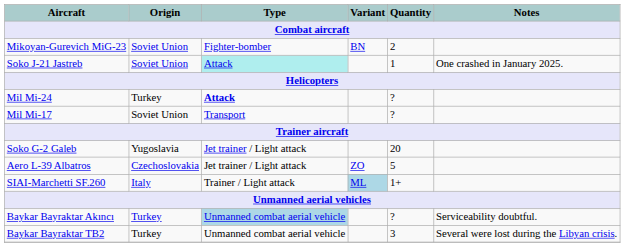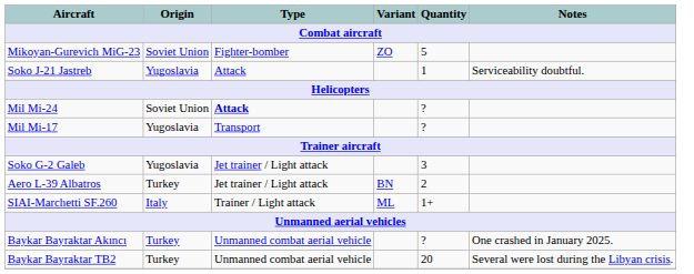 <table class="wikitable">
 <tr>
 <th style="text-align:center; background:#acc;">Aircraft</th>
 <th style="text-align: center; background:#acc;">Origin</th>
 <th style="text-align:l center; background:#acc;">Type</th>
 <th style="text-align:left; background:#acc;">Variant</th>
 <th style="text-align:center; background:#acc;">Quantity</th>
 <th style="text-align: center; background:#acc;">Notes</th>
 </tr>
 <tr>
 <th style="align: center; background: lavender;" colspan="7"><a href='#'>Combat aircraft</a></th>
 </tr>
 <tr>
 <td><a href='#'>Mikoyan-Gurevich MiG-23</a></td>
 <td><a href='#'>Soviet Union</a></td>
 <td><a href='#'>Fighter-bomber</a></td>
-<td><a href='#'>BN</a></td>
-<td>2</td>
+<td><a href='#'>ZO</a></td>
+<td>5</td>
 <td></td>
 </tr>
 <tr>
 <td><a href='#'>Soko J-21 Jastreb</a></td>
-<td><a href='#'>Soviet Union</a></td>
-<td style="background: paleturquoise;"><a href='#'>Attack</a></td>
+<td><a href='#'>Yugoslavia</a></td>
+<td><a href='#'>Attack</a></td>
 <td></td>
 <td>1</td>
-<td>One crashed in January 2025.</td>
+<td>Serviceability doubtful.</td>
 </tr>
 <tr>
 <th style="align: center; background: lavender;" colspan="7"><a href='#'>Helicopters</a></th>
 </tr>
 <tr>
 <td><a href='#'>Mil Mi-24</a></td>
-<td>Turkey</td>
+<td>Soviet Union</td>
 <td><strong><a href='#'>Attack</a></strong></td>
 <td></td>
 <td>?</td>
 <td></td>
 </tr>
 <tr>
 <td><a href='#'>Mil Mi-17</a></td>
-<td>Soviet Union</td>
+<td>Yugoslavia</td>
 <td><a href='#'>Transport</a></td>
 <td></td>
 <td>?</td>
 <td></td>
 </tr>
 <tr>
 <th style="align: center; background: lavender;" colspan="7"><a href='#'>Trainer aircraft</a></th>
 </tr>
 <tr>
 <td><a href='#'>Soko G-2 Galeb</a></td>
 <td>Yugoslavia</td>
 <td><a href='#'>Jet trainer</a> / Light attack</td>
 <td></td>
-<td>20</td>
+<td>3</td>
 <td></td>
 </tr>
 <tr>
 <td><a href='#'>Aero L-39 Albatros</a></td>
-<td><a href='#'>Czechoslovakia</a></td>
+<td>Turkey</td>
 <td>Jet trainer / Light attack</td>
-<td><a href='#'>ZO</a></td>
-<td>5</td>
+<td><a href='#'>BN</a></td>
+<td>2</td>
 <td></td>
 </tr>
 <tr>
 <td><a href='#'>SIAI-Marchetti SF.260</a></td>
 <td><a href='#'>Italy</a></td>
 <td>Trainer / Light attack</td>
-<td style="background: lightblue;"><a href='#'>ML</a></td>
+<td><a href='#'>ML</a></td>
 <td>1+</td>
 <td></td>
 </tr>
 <tr>
 <th style="align: center; background: lavender;" colspan="7"><a href='#'>Unmanned aerial vehicles</a></th>
 </tr>
 <tr>
 <td><a href='#'>Baykar Bayraktar Akıncı</a></td>
 <td><a href='#'>Turkey</a></td>
-<td style="background: lightblue;"><a href='#'>Unmanned combat aerial vehicle</a></td>
+<td><a href='#'>Unmanned combat aerial vehicle</a></td>
 <td></td>
 <td>?</td>
-<td>Serviceability doubtful.</td>
+<td>One crashed in January 2025.</td>
 </tr>
 <tr>
 <td><a href='#'>Baykar Bayraktar TB2</a></td>
 <td>Turkey</td>
 <td>Unmanned combat aerial vehicle</td>
 <td></td>
-<td>3</td>
+<td>20</td>
 <td>Several were lost during the <a href='#'>Libyan crisis</a>.</td>
 </tr>
 <tr>
 </tr>
 </table>
